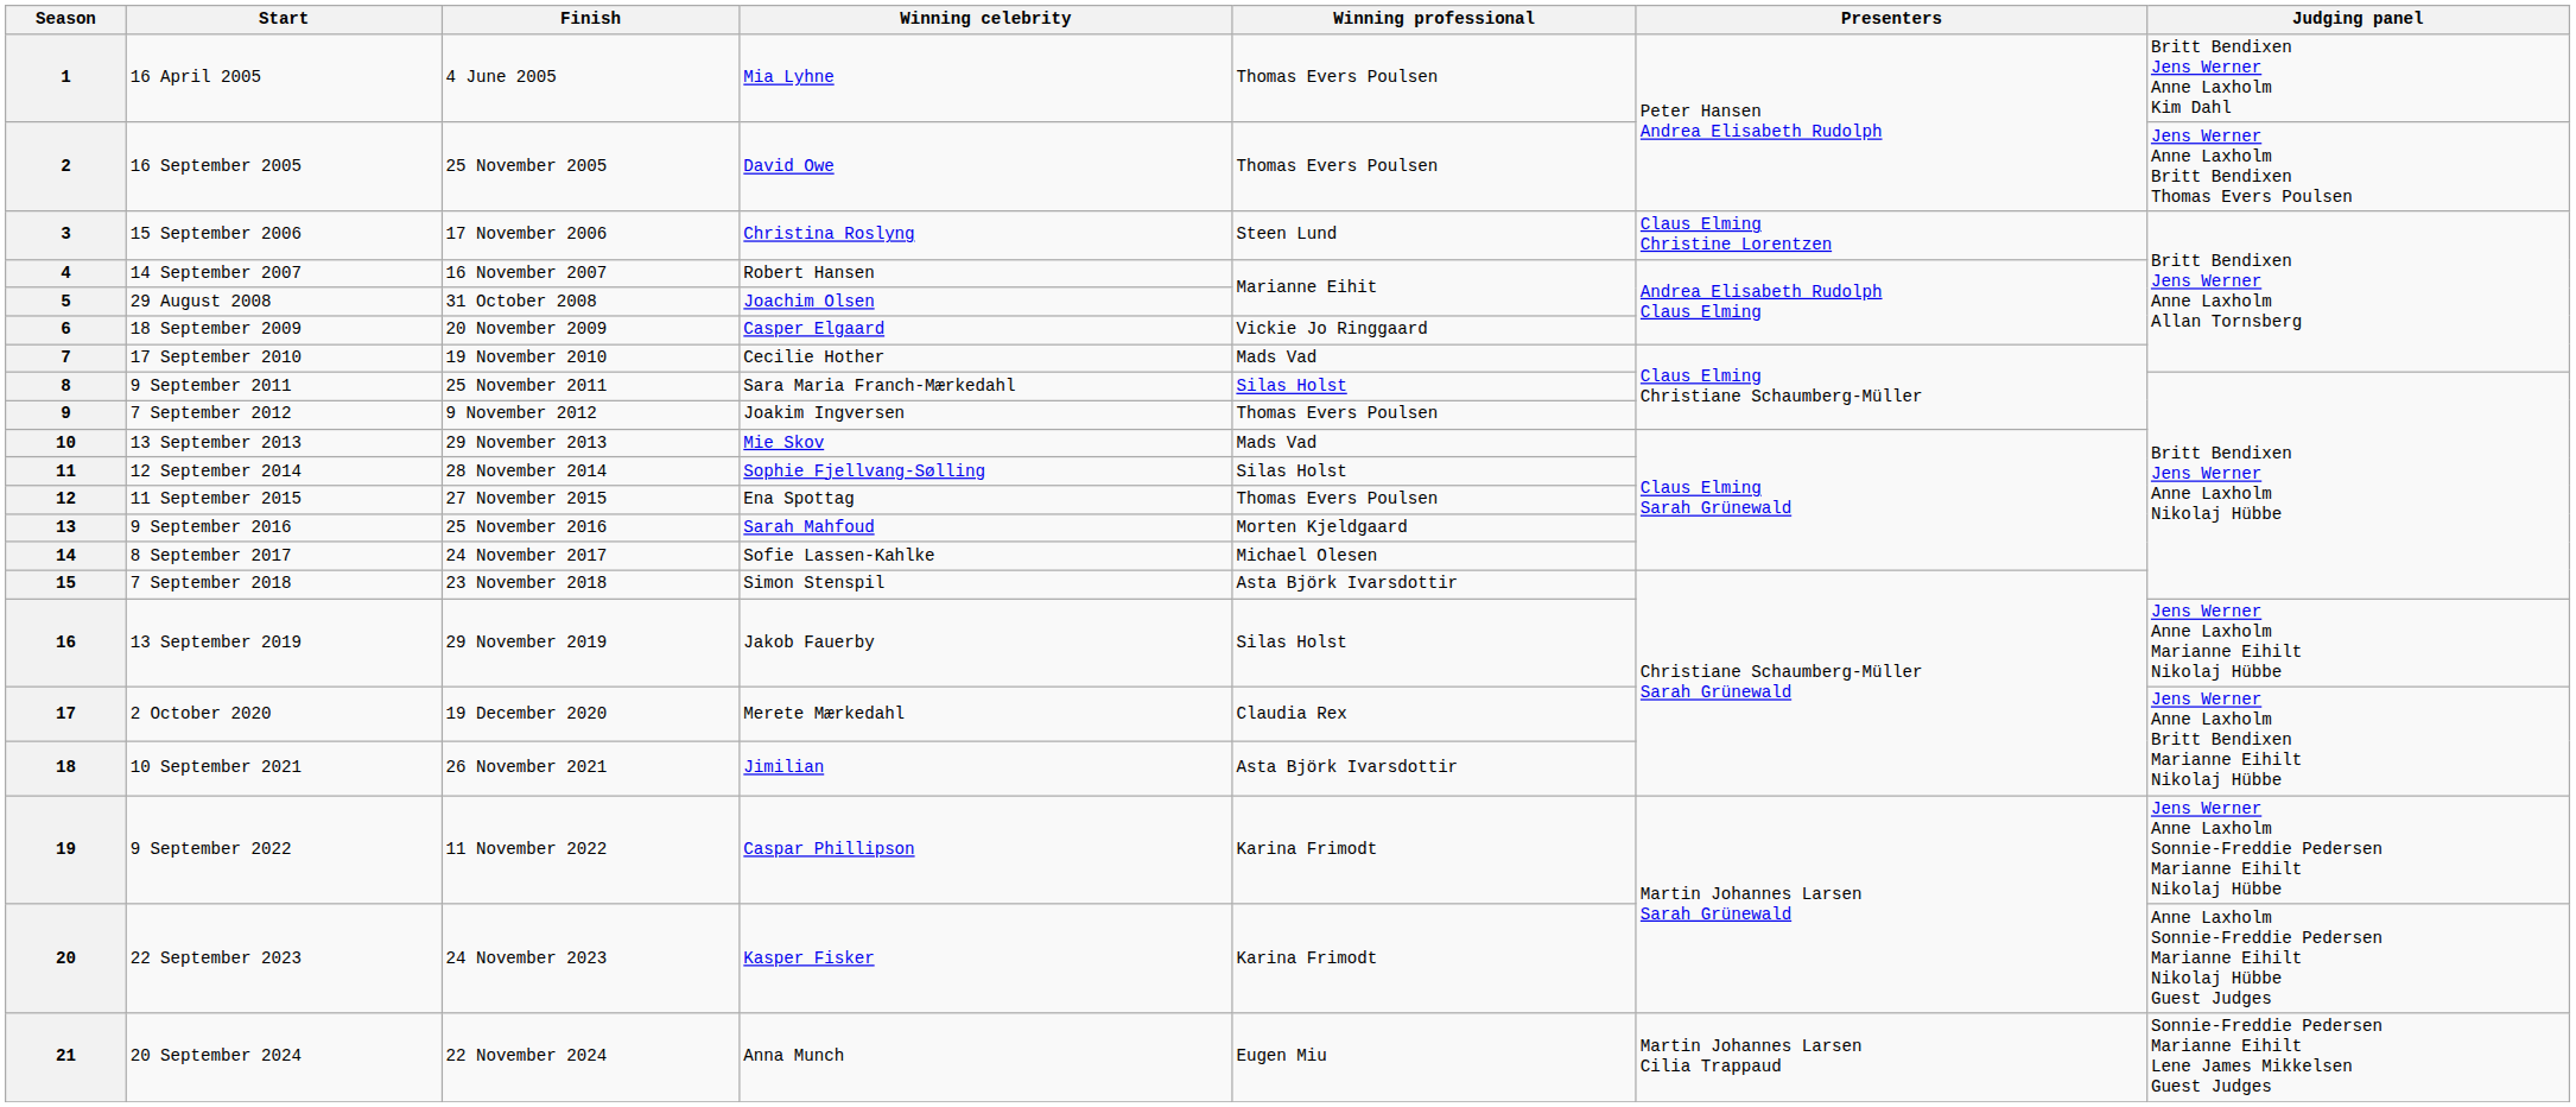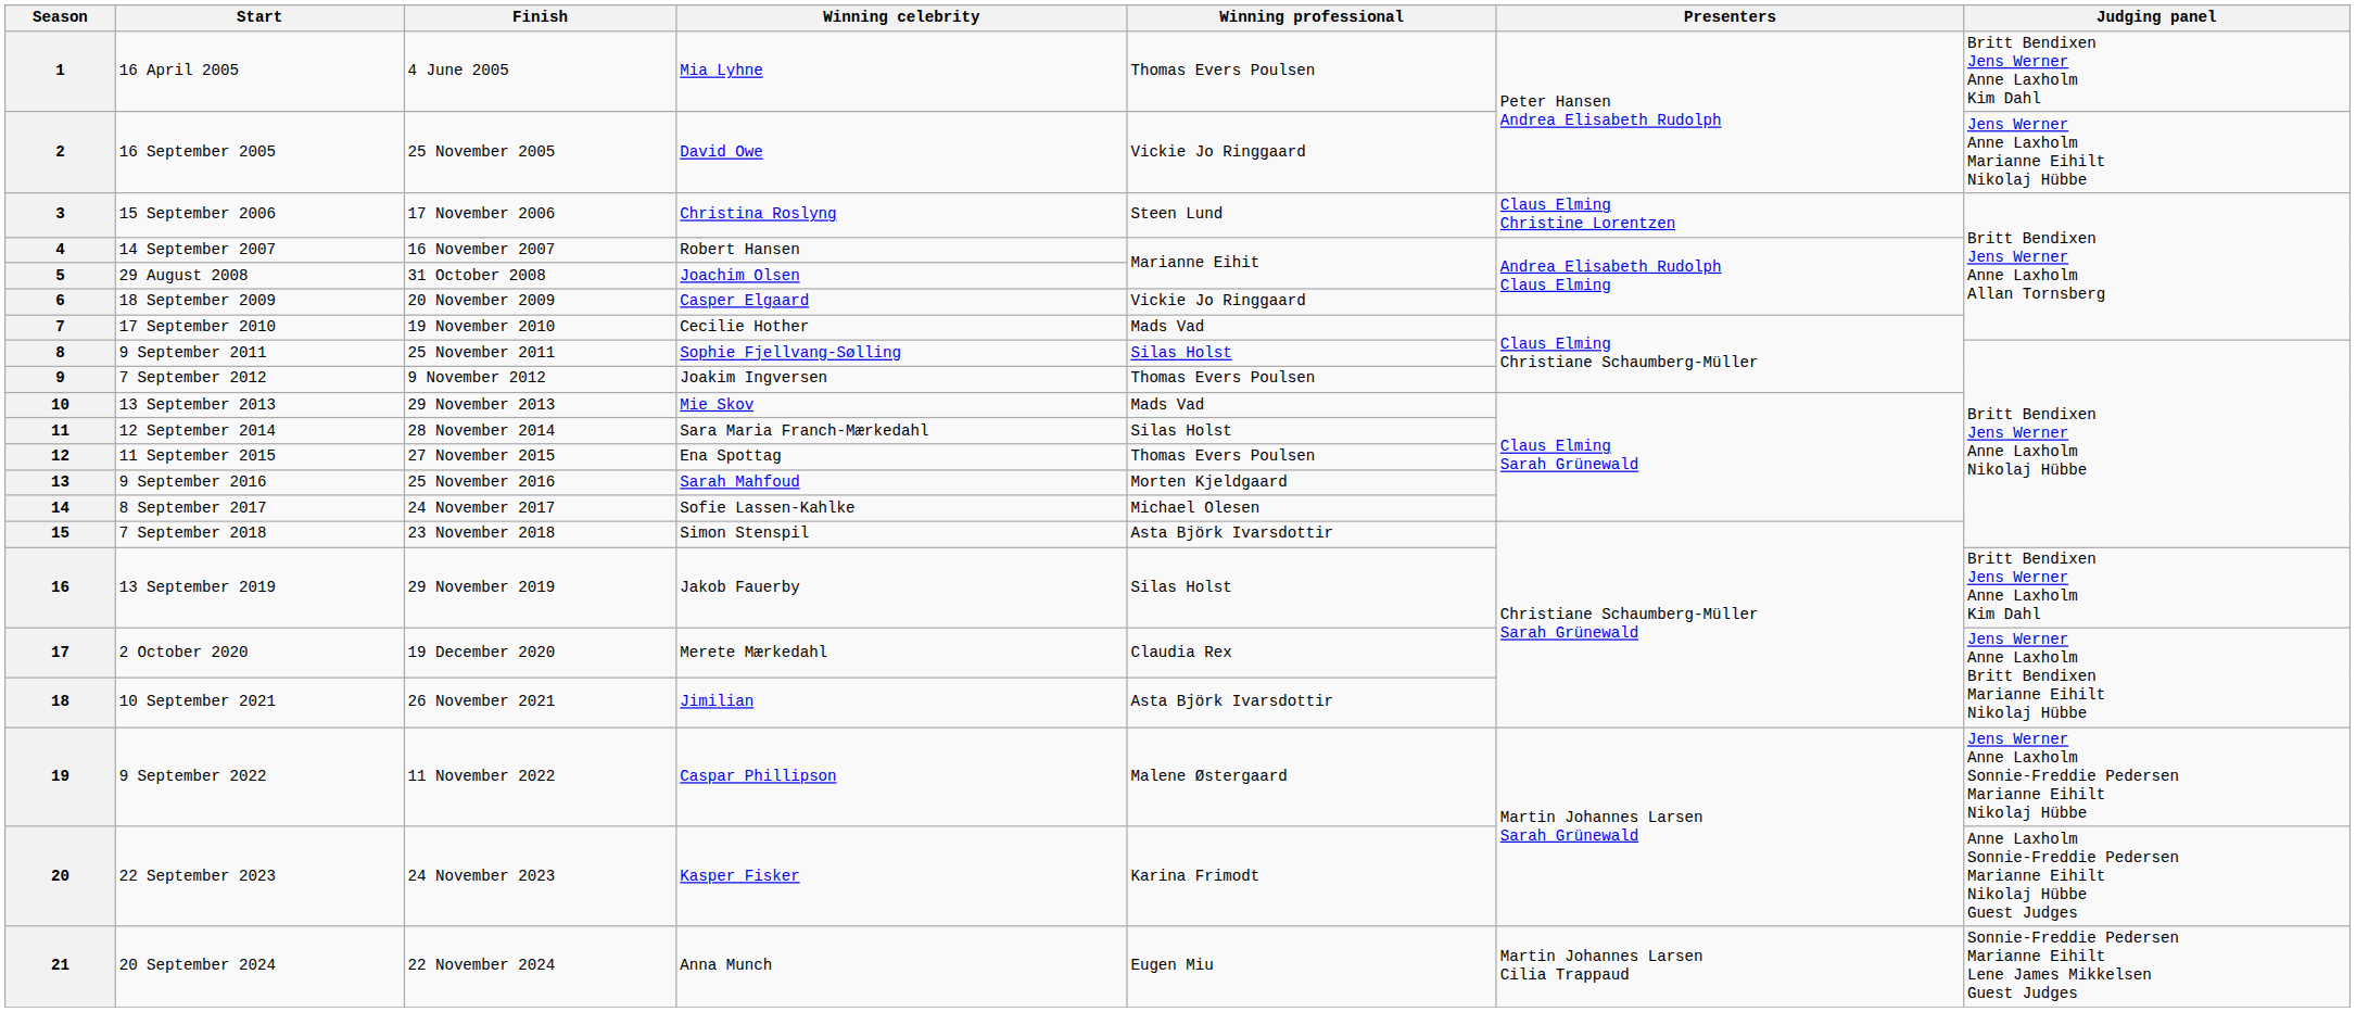 <table class="wikitable"  style="font-size:90%; width:90%;">
 <tr>
 <th scope="col">Season</th>
 <th scope="col">Start</th>
 <th scope="col">Finish</th>
 <th scope="col">Winning celebrity</th>
 <th scope="col!">Winning professional</th>
 <th scope="col">Presenters</th>
 <th scope="col">Judging panel</th>
 </tr>
 <tr>
 <th scope="row">1</th>
 <td>16 April 2005</td>
 <td>4 June 2005</td>
 <td><a href='#'>Mia Lyhne</a></td>
 <td>Thomas Evers Poulsen</td>
 <td rowspan=2>Peter Hansen<br><a href='#'>Andrea Elisabeth Rudolph</a></td>
 <td>Britt Bendixen<br><a href='#'>Jens Werner</a><br>Anne Laxholm<br>Kim Dahl</td>
 </tr>
 <tr>
 <th scope="row">2</th>
 <td>16 September 2005</td>
 <td>25 November 2005</td>
 <td><a href='#'>David Owe</a></td>
-<td>Thomas Evers Poulsen</td>
-<td><a href='#'>Jens Werner</a><br>Anne Laxholm<br>Britt Bendixen<br>Thomas Evers Poulsen</td>
+<td>Vickie Jo Ringgaard</td>
+<td><a href='#'>Jens Werner</a><br>Anne Laxholm<br>Marianne Eihilt<br>Nikolaj Hübbe</td>
 </tr>
 <tr>
 <th scope="row">3</th>
 <td>15 September 2006</td>
 <td>17 November 2006</td>
 <td><a href='#'>Christina Roslyng</a></td>
 <td>Steen Lund</td>
 <td><a href='#'>Claus Elming</a><br><a href='#'>Christine Lorentzen</a></td>
 <td rowspan=5>Britt Bendixen<br><a href='#'>Jens Werner</a><br>Anne Laxholm<br>Allan Tornsberg</td>
 </tr>
 <tr>
 <th scope="row">4</th>
 <td>14 September 2007</td>
 <td>16 November 2007</td>
 <td>Robert Hansen</td>
 <td rowspan=2>Marianne Eihit</td>
 <td rowspan=3><a href='#'>Andrea Elisabeth Rudolph</a><br><a href='#'>Claus Elming</a></td>
 </tr>
 <tr>
 <th scope="row">5</th>
 <td>29 August 2008</td>
 <td>31 October 2008</td>
 <td><a href='#'>Joachim Olsen</a></td>
 </tr>
 <tr>
 <th scope="row">6</th>
 <td>18 September 2009</td>
 <td>20 November 2009</td>
 <td><a href='#'>Casper Elgaard</a></td>
 <td>Vickie Jo Ringgaard</td>
 </tr>
 <tr>
 <th scope="row">7</th>
 <td>17 September 2010</td>
 <td>19 November 2010</td>
 <td>Cecilie Hother</td>
 <td>Mads Vad</td>
 <td rowspan=3><a href='#'>Claus Elming</a><br>Christiane Schaumberg-Müller</td>
 </tr>
 <tr>
 <th scope="row">8</th>
 <td>9 September 2011</td>
 <td>25 November 2011</td>
-<td>Sara Maria Franch-Mærkedahl</td>
+<td><a href='#'>Sophie Fjellvang-Sølling</a></td>
 <td><a href='#'>Silas Holst</a></td>
 <td rowspan=8>Britt Bendixen<br><a href='#'>Jens Werner</a><br>Anne Laxholm<br>Nikolaj Hübbe</td>
 </tr>
 <tr>
 <th scope="row">9</th>
 <td>7 September 2012</td>
 <td>9 November 2012</td>
 <td>Joakim Ingversen</td>
 <td>Thomas Evers Poulsen</td>
 </tr>
 <tr>
 <th scope="row">10</th>
 <td>13 September 2013</td>
 <td>29 November 2013</td>
 <td><a href='#'>Mie Skov</a></td>
 <td>Mads Vad</td>
 <td rowspan=5><a href='#'>Claus Elming</a><br><a href='#'>Sarah Grünewald</a></td>
 </tr>
 <tr>
 <th scope="row">11</th>
 <td>12 September 2014</td>
 <td>28 November 2014</td>
-<td><a href='#'>Sophie Fjellvang-Sølling</a></td>
+<td>Sara Maria Franch-Mærkedahl</td>
 <td>Silas Holst</td>
 </tr>
 <tr>
 <th scope="row">12</th>
 <td>11 September 2015</td>
 <td>27 November 2015</td>
 <td>Ena Spottag</td>
 <td>Thomas Evers Poulsen</td>
 </tr>
 <tr>
 <th scope="row">13</th>
 <td>9 September 2016</td>
 <td>25 November 2016</td>
 <td><a href='#'>Sarah Mahfoud</a></td>
 <td>Morten Kjeldgaard</td>
 </tr>
 <tr>
 <th scope="row">14</th>
 <td>8 September 2017</td>
 <td>24 November 2017</td>
 <td>Sofie Lassen-Kahlke</td>
 <td>Michael Olesen</td>
 </tr>
 <tr>
 <th scope="row">15</th>
 <td>7 September 2018</td>
 <td>23 November 2018</td>
 <td>Simon Stenspil</td>
 <td>Asta Björk Ivarsdottir</td>
 <td rowspan=4>Christiane Schaumberg-Müller<br><a href='#'>Sarah Grünewald</a></td>
 </tr>
 <tr>
 <th scope="row">16</th>
 <td>13 September 2019</td>
 <td>29 November 2019</td>
 <td>Jakob Fauerby</td>
 <td>Silas Holst</td>
-<td><a href='#'>Jens Werner</a><br>Anne Laxholm<br>Marianne Eihilt<br>Nikolaj Hübbe</td>
+<td>Britt Bendixen<br><a href='#'>Jens Werner</a><br>Anne Laxholm<br>Kim Dahl</td>
 </tr>
 <tr>
 <th scope="row">17</th>
 <td>2 October 2020</td>
 <td>19 December 2020</td>
 <td>Merete Mærkedahl</td>
 <td>Claudia Rex</td>
 <td rowspan=2><a href='#'>Jens Werner</a><br>Anne Laxholm<br>Britt Bendixen<br>Marianne Eihilt<br>Nikolaj Hübbe</td>
 </tr>
 <tr>
 <th scope="row">18</th>
 <td>10 September 2021</td>
 <td>26 November 2021</td>
 <td><a href='#'>Jimilian</a></td>
 <td>Asta Björk Ivarsdottir</td>
 </tr>
 <tr>
 <th scope="row">19</th>
 <td>9 September 2022</td>
 <td>11 November 2022</td>
 <td><a href='#'>Caspar Phillipson</a></td>
-<td>Karina Frimodt</td>
+<td>Malene Østergaard</td>
 <td rowspan=2>Martin Johannes Larsen<br><a href='#'>Sarah Grünewald</a></td>
 <td><a href='#'>Jens Werner</a><br>Anne Laxholm<br>Sonnie-Freddie Pedersen<br>Marianne Eihilt<br>Nikolaj Hübbe</td>
 </tr>
 <tr>
 <th scope="row">20</th>
 <td>22 September 2023</td>
 <td>24 November 2023</td>
 <td><a href='#'>Kasper Fisker</a></td>
 <td>Karina Frimodt</td>
 <td>Anne Laxholm<br>Sonnie-Freddie Pedersen<br>Marianne Eihilt<br>Nikolaj Hübbe<br>Guest Judges</td>
 </tr>
 <tr>
 <th scope="row">21</th>
 <td>20 September 2024</td>
 <td>22 November 2024</td>
 <td>Anna Munch</td>
 <td>Eugen Miu</td>
 <td>Martin Johannes Larsen<br>Cilia Trappaud</td>
 <td>Sonnie-Freddie Pedersen<br>Marianne Eihilt<br>Lene James Mikkelsen<br>Guest Judges</td>
 </tr>
 </table>
